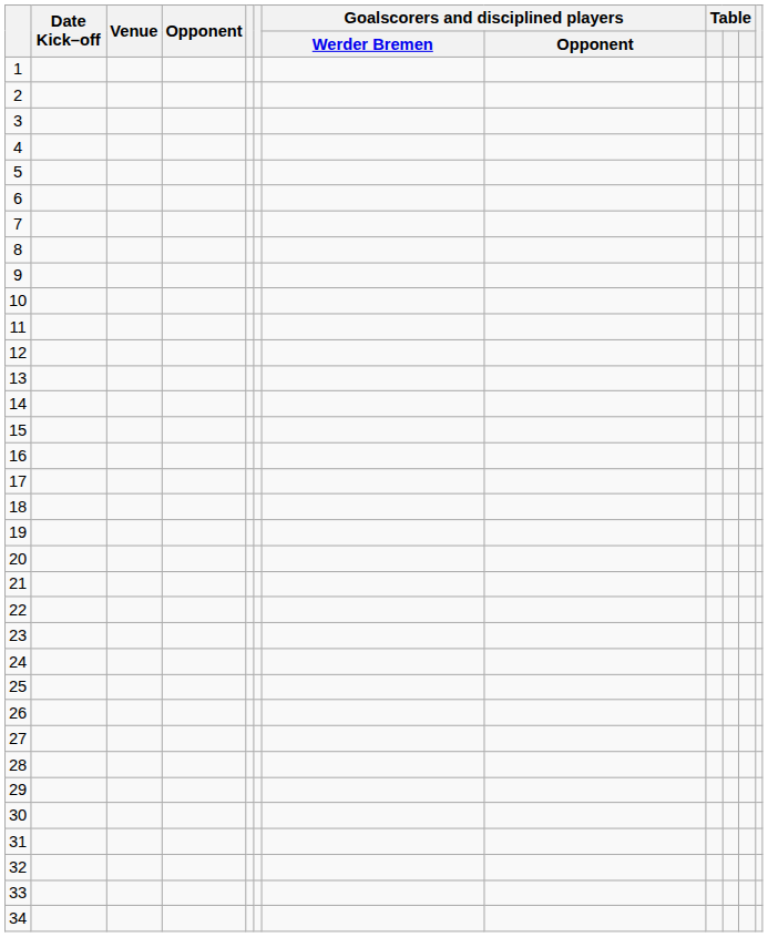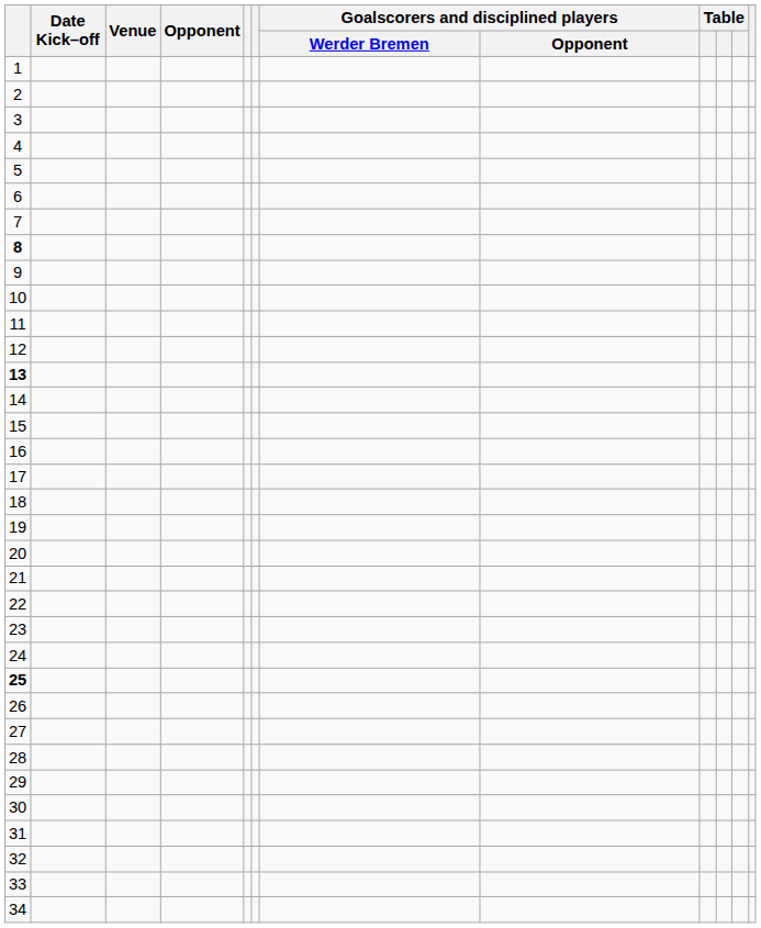 <table class="wikitable" Style="text-align: center;font-size:90%">
 <tr>
 <th rowspan="2"></th>
 <th rowspan="2" style="width:60px">Date<br>Kick–off</th>
 <th rowspan="2">Venue</th>
 <th rowspan="2">Opponent</th>
 <th rowspan="2"><br></th>
 <th rowspan="2"></th>
 <th colspan="2">Goalscorers and disciplined players</th>
 <th colspan="3">Table</th>
 <th rowspan="2"></th>
 </tr>
 <tr>
 <th style="width:190px"><a href='#'>Werder Bremen</a></th>
 <th style="width:190px">Opponent</th>
 <th></th>
 <th></th>
 <th></th>
 </tr>
 <tr>
 <td>1</td>
 <td></td>
 <td></td>
 <td></td>
 <td></td>
 <td></td>
 <td></td>
 <td></td>
 <td></td>
 <td></td>
 <td></td>
 <td></td>
 </tr>
 <tr>
 <td>2</td>
 <td></td>
 <td></td>
 <td></td>
 <td></td>
 <td></td>
 <td></td>
 <td></td>
 <td></td>
 <td></td>
 <td></td>
 <td></td>
 </tr>
 <tr>
 <td>3</td>
 <td></td>
 <td></td>
 <td></td>
 <td></td>
 <td></td>
 <td></td>
 <td></td>
 <td></td>
 <td></td>
 <td></td>
 <td></td>
 </tr>
 <tr>
 <td>4</td>
 <td></td>
 <td></td>
 <td></td>
 <td></td>
 <td></td>
 <td></td>
 <td></td>
 <td></td>
 <td></td>
 <td></td>
 <td></td>
 </tr>
 <tr>
 <td>5</td>
 <td></td>
 <td></td>
 <td></td>
 <td></td>
 <td></td>
 <td></td>
 <td></td>
 <td></td>
 <td></td>
 <td></td>
 <td></td>
 </tr>
 <tr>
 <td>6</td>
 <td></td>
 <td></td>
 <td></td>
 <td></td>
 <td></td>
 <td></td>
 <td></td>
 <td></td>
 <td></td>
 <td></td>
 <td></td>
 </tr>
 <tr>
 <td>7</td>
 <td></td>
 <td></td>
 <td></td>
 <td></td>
 <td></td>
 <td></td>
 <td></td>
 <td></td>
 <td></td>
 <td></td>
 <td></td>
 </tr>
 <tr>
-<td>8</td>
+<td><strong>8</strong></td>
 <td></td>
 <td></td>
 <td></td>
 <td></td>
 <td></td>
 <td></td>
 <td></td>
 <td></td>
 <td></td>
 <td></td>
 <td></td>
 </tr>
 <tr>
 <td>9</td>
 <td></td>
 <td></td>
 <td></td>
 <td></td>
 <td></td>
 <td></td>
 <td></td>
 <td></td>
 <td></td>
 <td></td>
 <td></td>
 </tr>
 <tr>
 <td>10</td>
 <td></td>
 <td></td>
 <td></td>
 <td></td>
 <td></td>
 <td></td>
 <td></td>
 <td></td>
 <td></td>
 <td></td>
 <td></td>
 </tr>
 <tr>
 <td>11</td>
 <td></td>
 <td></td>
 <td></td>
 <td></td>
 <td></td>
 <td></td>
 <td></td>
 <td></td>
 <td></td>
 <td></td>
 <td></td>
 </tr>
 <tr>
 <td>12</td>
 <td></td>
 <td></td>
 <td></td>
 <td></td>
 <td></td>
 <td></td>
 <td></td>
 <td></td>
 <td></td>
 <td></td>
 <td></td>
 </tr>
 <tr>
-<td>13</td>
+<td><strong>13</strong></td>
 <td></td>
 <td></td>
 <td></td>
 <td></td>
 <td></td>
 <td></td>
 <td></td>
 <td></td>
 <td></td>
 <td></td>
 <td></td>
 </tr>
 <tr>
 <td>14</td>
 <td></td>
 <td></td>
 <td></td>
 <td></td>
 <td></td>
 <td></td>
 <td></td>
 <td></td>
 <td></td>
 <td></td>
 <td></td>
 </tr>
 <tr>
 <td>15</td>
 <td></td>
 <td></td>
 <td></td>
 <td></td>
 <td></td>
 <td></td>
 <td></td>
 <td></td>
 <td></td>
 <td></td>
 <td></td>
 </tr>
 <tr>
 <td>16</td>
 <td></td>
 <td></td>
 <td></td>
 <td></td>
 <td></td>
 <td></td>
 <td></td>
 <td></td>
 <td></td>
 <td></td>
 <td></td>
 </tr>
 <tr>
 <td>17</td>
 <td></td>
 <td></td>
 <td></td>
 <td></td>
 <td></td>
 <td></td>
 <td></td>
 <td></td>
 <td></td>
 <td></td>
 <td></td>
 </tr>
 <tr>
 <td>18</td>
 <td></td>
 <td></td>
 <td></td>
 <td></td>
 <td></td>
 <td></td>
 <td></td>
 <td></td>
 <td></td>
 <td></td>
 <td></td>
 </tr>
 <tr>
 <td>19</td>
 <td></td>
 <td></td>
 <td></td>
 <td></td>
 <td></td>
 <td></td>
 <td></td>
 <td></td>
 <td></td>
 <td></td>
 <td></td>
 </tr>
 <tr>
 <td>20</td>
 <td></td>
 <td></td>
 <td></td>
 <td></td>
 <td></td>
 <td></td>
 <td></td>
 <td></td>
 <td></td>
 <td></td>
 <td></td>
 </tr>
 <tr>
 <td>21</td>
 <td></td>
 <td></td>
 <td></td>
 <td></td>
 <td></td>
 <td></td>
 <td></td>
 <td></td>
 <td></td>
 <td></td>
 <td></td>
 </tr>
 <tr>
 <td>22</td>
 <td></td>
 <td></td>
 <td></td>
 <td></td>
 <td></td>
 <td></td>
 <td></td>
 <td></td>
 <td></td>
 <td></td>
 <td></td>
 </tr>
 <tr>
 <td>23</td>
 <td></td>
 <td></td>
 <td></td>
 <td></td>
 <td></td>
 <td></td>
 <td></td>
 <td></td>
 <td></td>
 <td></td>
 <td></td>
 </tr>
 <tr>
 <td>24</td>
 <td></td>
 <td></td>
 <td></td>
 <td></td>
 <td></td>
 <td></td>
 <td></td>
 <td></td>
 <td></td>
 <td></td>
 <td></td>
 </tr>
 <tr>
-<td>25</td>
+<td><strong>25</strong></td>
 <td></td>
 <td></td>
 <td></td>
 <td></td>
 <td></td>
 <td></td>
 <td></td>
 <td></td>
 <td></td>
 <td></td>
 <td></td>
 </tr>
 <tr>
 <td>26</td>
 <td></td>
 <td></td>
 <td></td>
 <td></td>
 <td></td>
 <td></td>
 <td></td>
 <td></td>
 <td></td>
 <td></td>
 <td></td>
 </tr>
 <tr>
 <td>27</td>
 <td></td>
 <td></td>
 <td></td>
 <td></td>
 <td></td>
 <td></td>
 <td></td>
 <td></td>
 <td></td>
 <td></td>
 <td></td>
 </tr>
 <tr>
 <td>28</td>
 <td></td>
 <td></td>
 <td></td>
 <td></td>
 <td></td>
 <td></td>
 <td></td>
 <td></td>
 <td></td>
 <td></td>
 <td></td>
 </tr>
 <tr>
 <td>29</td>
 <td></td>
 <td></td>
 <td></td>
 <td></td>
 <td></td>
 <td></td>
 <td></td>
 <td></td>
 <td></td>
 <td></td>
 <td></td>
 </tr>
 <tr>
 <td>30</td>
 <td></td>
 <td></td>
 <td></td>
 <td></td>
 <td></td>
 <td></td>
 <td></td>
 <td></td>
 <td></td>
 <td></td>
 <td></td>
 </tr>
 <tr>
 <td>31</td>
 <td></td>
 <td></td>
 <td></td>
 <td></td>
 <td></td>
 <td></td>
 <td></td>
 <td></td>
 <td></td>
 <td></td>
 <td></td>
 </tr>
 <tr>
 <td>32</td>
 <td></td>
 <td></td>
 <td></td>
 <td></td>
 <td></td>
 <td></td>
 <td></td>
 <td></td>
 <td></td>
 <td></td>
 <td></td>
 </tr>
 <tr>
 <td>33</td>
 <td></td>
 <td></td>
 <td></td>
 <td></td>
 <td></td>
 <td></td>
 <td></td>
 <td></td>
 <td></td>
 <td></td>
 <td></td>
 </tr>
 <tr>
 <td>34</td>
 <td></td>
 <td></td>
 <td></td>
 <td></td>
 <td></td>
 <td></td>
 <td></td>
 <td></td>
 <td></td>
 <td></td>
 <td></td>
 </tr>
 </table>
